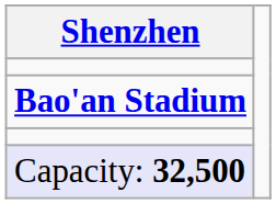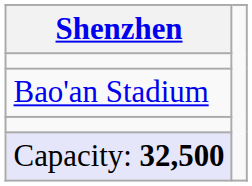 <table class="wikitable" style="margin-left: auto; margin-right: auto; border: none;">
 <tr>
 <th><a href='#'>Shenzhen</a></th>
 <td rowspan="5"><br></td>
 </tr>
 <tr>
 <td align="center"></td>
 </tr>
 <tr>
-<td><strong><a href='#'>Bao'an Stadium</a></strong></td>
+<td><a href='#'>Bao'an Stadium</a></td>
 </tr>
 <tr>
 <td><small></small></td>
 </tr>
 <tr>
 <td style="background: lavender;">Capacity: <strong>32,500</strong></td>
 </tr>
 </table>
